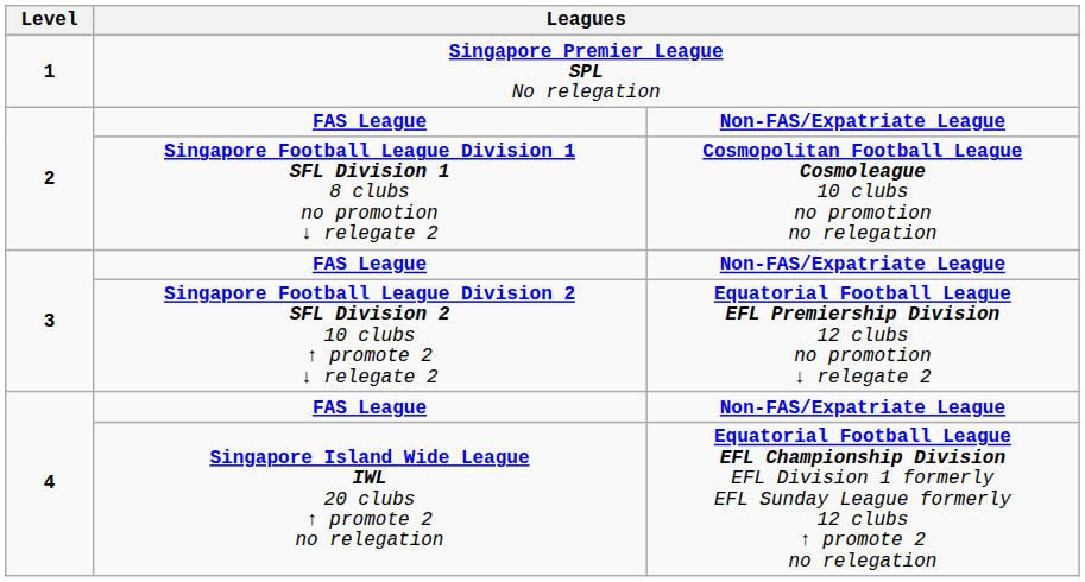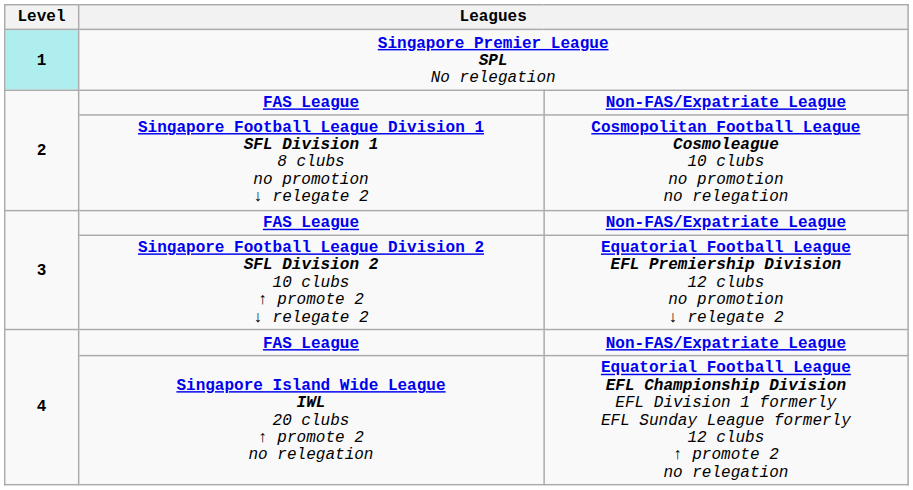 <table class="wikitable" style="text-align: center; font-size: 85%;" width="100%;">
 <tr>
 <th>Level</th>
 <th colspan=17>Leagues</th>
 </tr>
 <tr>
-<td><strong>1</strong></td>
+<td style="background: paleturquoise;"><strong>1</strong></td>
 <td colspan="14"><strong><a href='#'>Singapore Premier League</a><br><em>SPL</em></strong><br><em>No relegation</em></td>
 </tr>
 <tr>
 <td rowspan="2"><strong>2</strong></td>
 <td colspan="12"><strong><a href='#'> FAS League</a></strong></td>
 <td colspan="2"><strong><a href='#'>Non-FAS/Expatriate League</a></strong></td>
 </tr>
 <tr>
 <td colspan="12"><strong><a href='#'>Singapore Football League Division 1</a><br><em>SFL Division 1</em></strong><br><em>8 clubs<br>no promotion<br>↓ relegate 2</em></td>
 <td colspan="2"><strong> <a href='#'>Cosmopolitan Football League</a><br><em>Cosmoleague</em></strong><br><em>10 clubs<br>no promotion<br>no relegation</em></td>
 </tr>
 <tr>
 <td rowspan="2"><strong>3</strong></td>
 <td colspan="12"><strong><a href='#'> FAS League</a></strong></td>
 <td colspan="2"><strong><a href='#'>Non-FAS/Expatriate League</a></strong></td>
 </tr>
 <tr>
 <td colspan="12"><strong><a href='#'>Singapore Football League Division 2</a><br><em>SFL Division 2</em></strong><br><em>10 clubs<br>↑ promote 2<br>↓ relegate 2</em></td>
 <td colspan="2"><strong> <a href='#'>Equatorial Football League</a><br><em>EFL Premiership Division</em></strong><br><em>12 clubs<br>no promotion<br>↓ relegate 2</em></td>
 </tr>
 <tr>
 <td rowspan="2"><strong>4</strong></td>
 <td colspan="12"><strong><a href='#'> FAS League</a></strong></td>
 <td colspan="2"><strong><a href='#'>Non-FAS/Expatriate League</a></strong></td>
 </tr>
 <tr>
 <td colspan="12"><strong> <a href='#'>Singapore Island Wide League</a><br> <em>IWL</em></strong><br><em>20 clubs<br>↑ promote 2<br>no relegation</em></td>
 <td colspan="2"><strong> <a href='#'>Equatorial Football League</a><br> <em>EFL Championship Division</em></strong> <br> <em>EFL Division 1 formerly</em> <br> <em>EFL Sunday League formerly</em> <br><em>12 clubs<br>↑ promote 2<br>no relegation</em></td>
 </tr>
 </table>
